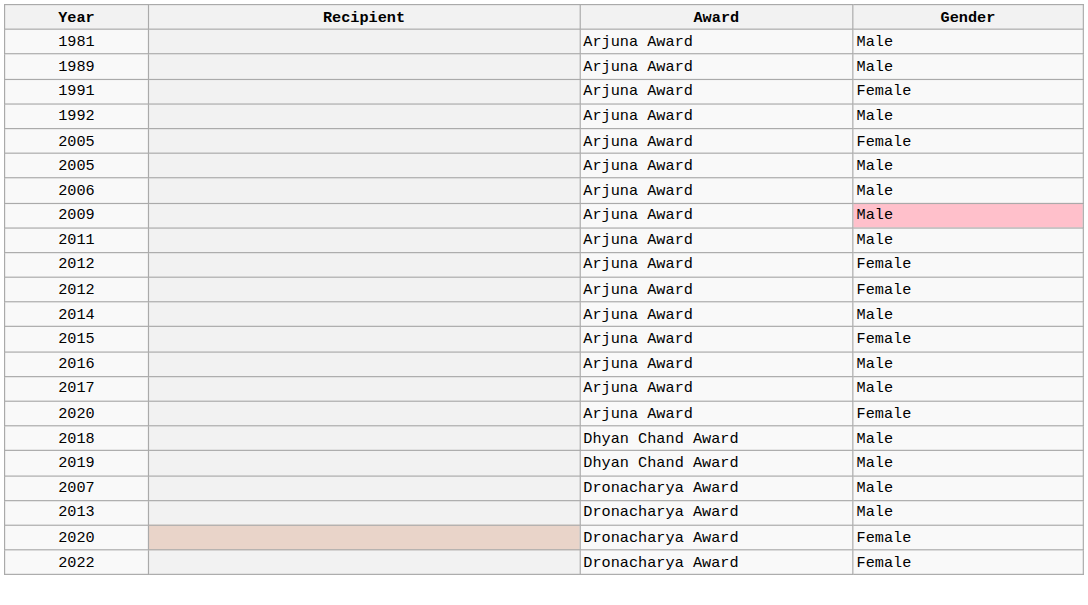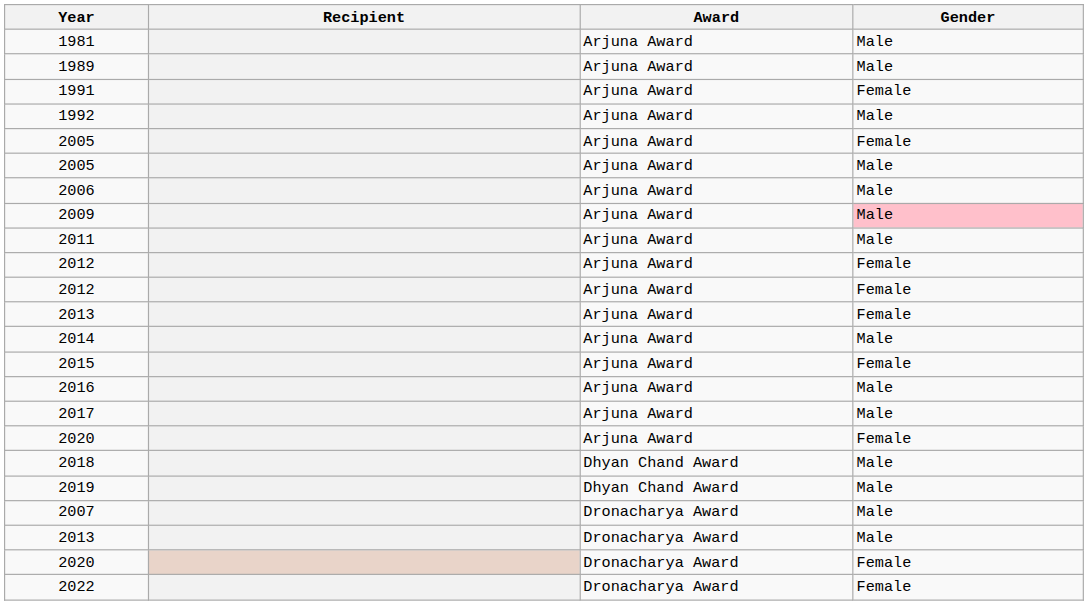 <table class="wikitable plainrowheaders sortable" style="width:73%">
 <tr>
 <th scope="col" style="width:10%">Year</th>
 <th scope="col" style="width:30%">Recipient</th>
 <th scope="col" style="width:19%">Award</th>
 <th scope="col" style="width:16%">Gender</th>
 </tr>
 <tr>
 <td style="text-align:center;">1981</td>
 <th scope="row"></th>
 <td>Arjuna Award</td>
 <td>Male</td>
 </tr>
 <tr>
 <td style="text-align:center;">1989</td>
 <th scope="row"></th>
 <td>Arjuna Award</td>
 <td>Male</td>
 </tr>
 <tr>
 <td style="text-align:center;">1991</td>
 <th scope="row"></th>
 <td>Arjuna Award</td>
 <td>Female</td>
 </tr>
 <tr>
 <td style="text-align:center;">1992</td>
 <th scope="row"></th>
 <td>Arjuna Award</td>
 <td>Male</td>
 </tr>
 <tr>
 <td style="text-align:center;">2005</td>
 <th scope="row"></th>
 <td>Arjuna Award</td>
 <td>Female</td>
 </tr>
 <tr>
 <td style="text-align:center;">2005</td>
 <th scope="row"></th>
 <td>Arjuna Award</td>
 <td>Male</td>
 </tr>
 <tr>
 <td style="text-align:center;">2006</td>
 <th scope="row"></th>
 <td>Arjuna Award</td>
 <td>Male</td>
 </tr>
 <tr>
 <td style="text-align:center;">2009</td>
 <th scope="row"></th>
 <td>Arjuna Award</td>
 <td style="background: pink;">Male</td>
 </tr>
 <tr>
 <td style="text-align:center;">2011</td>
 <th scope="row"></th>
 <td>Arjuna Award</td>
 <td>Male</td>
 </tr>
 <tr>
 <td style="text-align:center;">2012</td>
 <th scope="row"></th>
 <td>Arjuna Award</td>
 <td>Female</td>
 </tr>
 <tr>
 <td style="text-align:center;">2012</td>
 <th scope="row"></th>
 <td>Arjuna Award</td>
 <td>Female</td>
 </tr>
 <tr>
+<td style="text-align:center;">2013</td>
+<th scope="row"></th>
+<td>Arjuna Award</td>
+<td>Female</td>
+</tr>
+<tr>
 <td style="text-align:center;">2014</td>
 <th scope="row"></th>
 <td>Arjuna Award</td>
 <td>Male</td>
 </tr>
 <tr>
 <td style="text-align:center;">2015</td>
 <th scope="row"></th>
 <td>Arjuna Award</td>
 <td>Female</td>
 </tr>
 <tr>
 <td style="text-align:center;">2016</td>
 <th scope="row"></th>
 <td>Arjuna Award</td>
 <td>Male</td>
 </tr>
 <tr>
 <td style="text-align:center;">2017</td>
 <th scope="row"></th>
 <td>Arjuna Award</td>
 <td>Male</td>
 </tr>
 <tr>
 <td style="text-align:center;">2020</td>
 <th scope="row"></th>
 <td>Arjuna Award</td>
 <td>Female</td>
 </tr>
 <tr>
 <td style="text-align:center;">2018</td>
 <th scope="row"></th>
 <td>Dhyan Chand Award</td>
 <td>Male</td>
 </tr>
 <tr>
 <td style="text-align:center;">2019</td>
 <th scope="row"></th>
 <td>Dhyan Chand Award</td>
 <td>Male</td>
 </tr>
 <tr>
 <td style="text-align:center;">2007</td>
 <th scope="row"></th>
 <td>Dronacharya Award</td>
 <td>Male</td>
 </tr>
 <tr>
 <td style="text-align:center;">2013</td>
 <th scope="row"></th>
 <td>Dronacharya Award</td>
 <td>Male</td>
 </tr>
 <tr>
 <td style="text-align:center;">2020</td>
 <th scope="row" style="background-color:#E9D4C9"> </th>
 <td>Dronacharya Award</td>
 <td>Female</td>
 </tr>
 <tr>
 <td style="text-align:center;">2022</td>
 <th scope="row"></th>
 <td>Dronacharya Award</td>
 <td>Female</td>
 </tr>
 </table>
